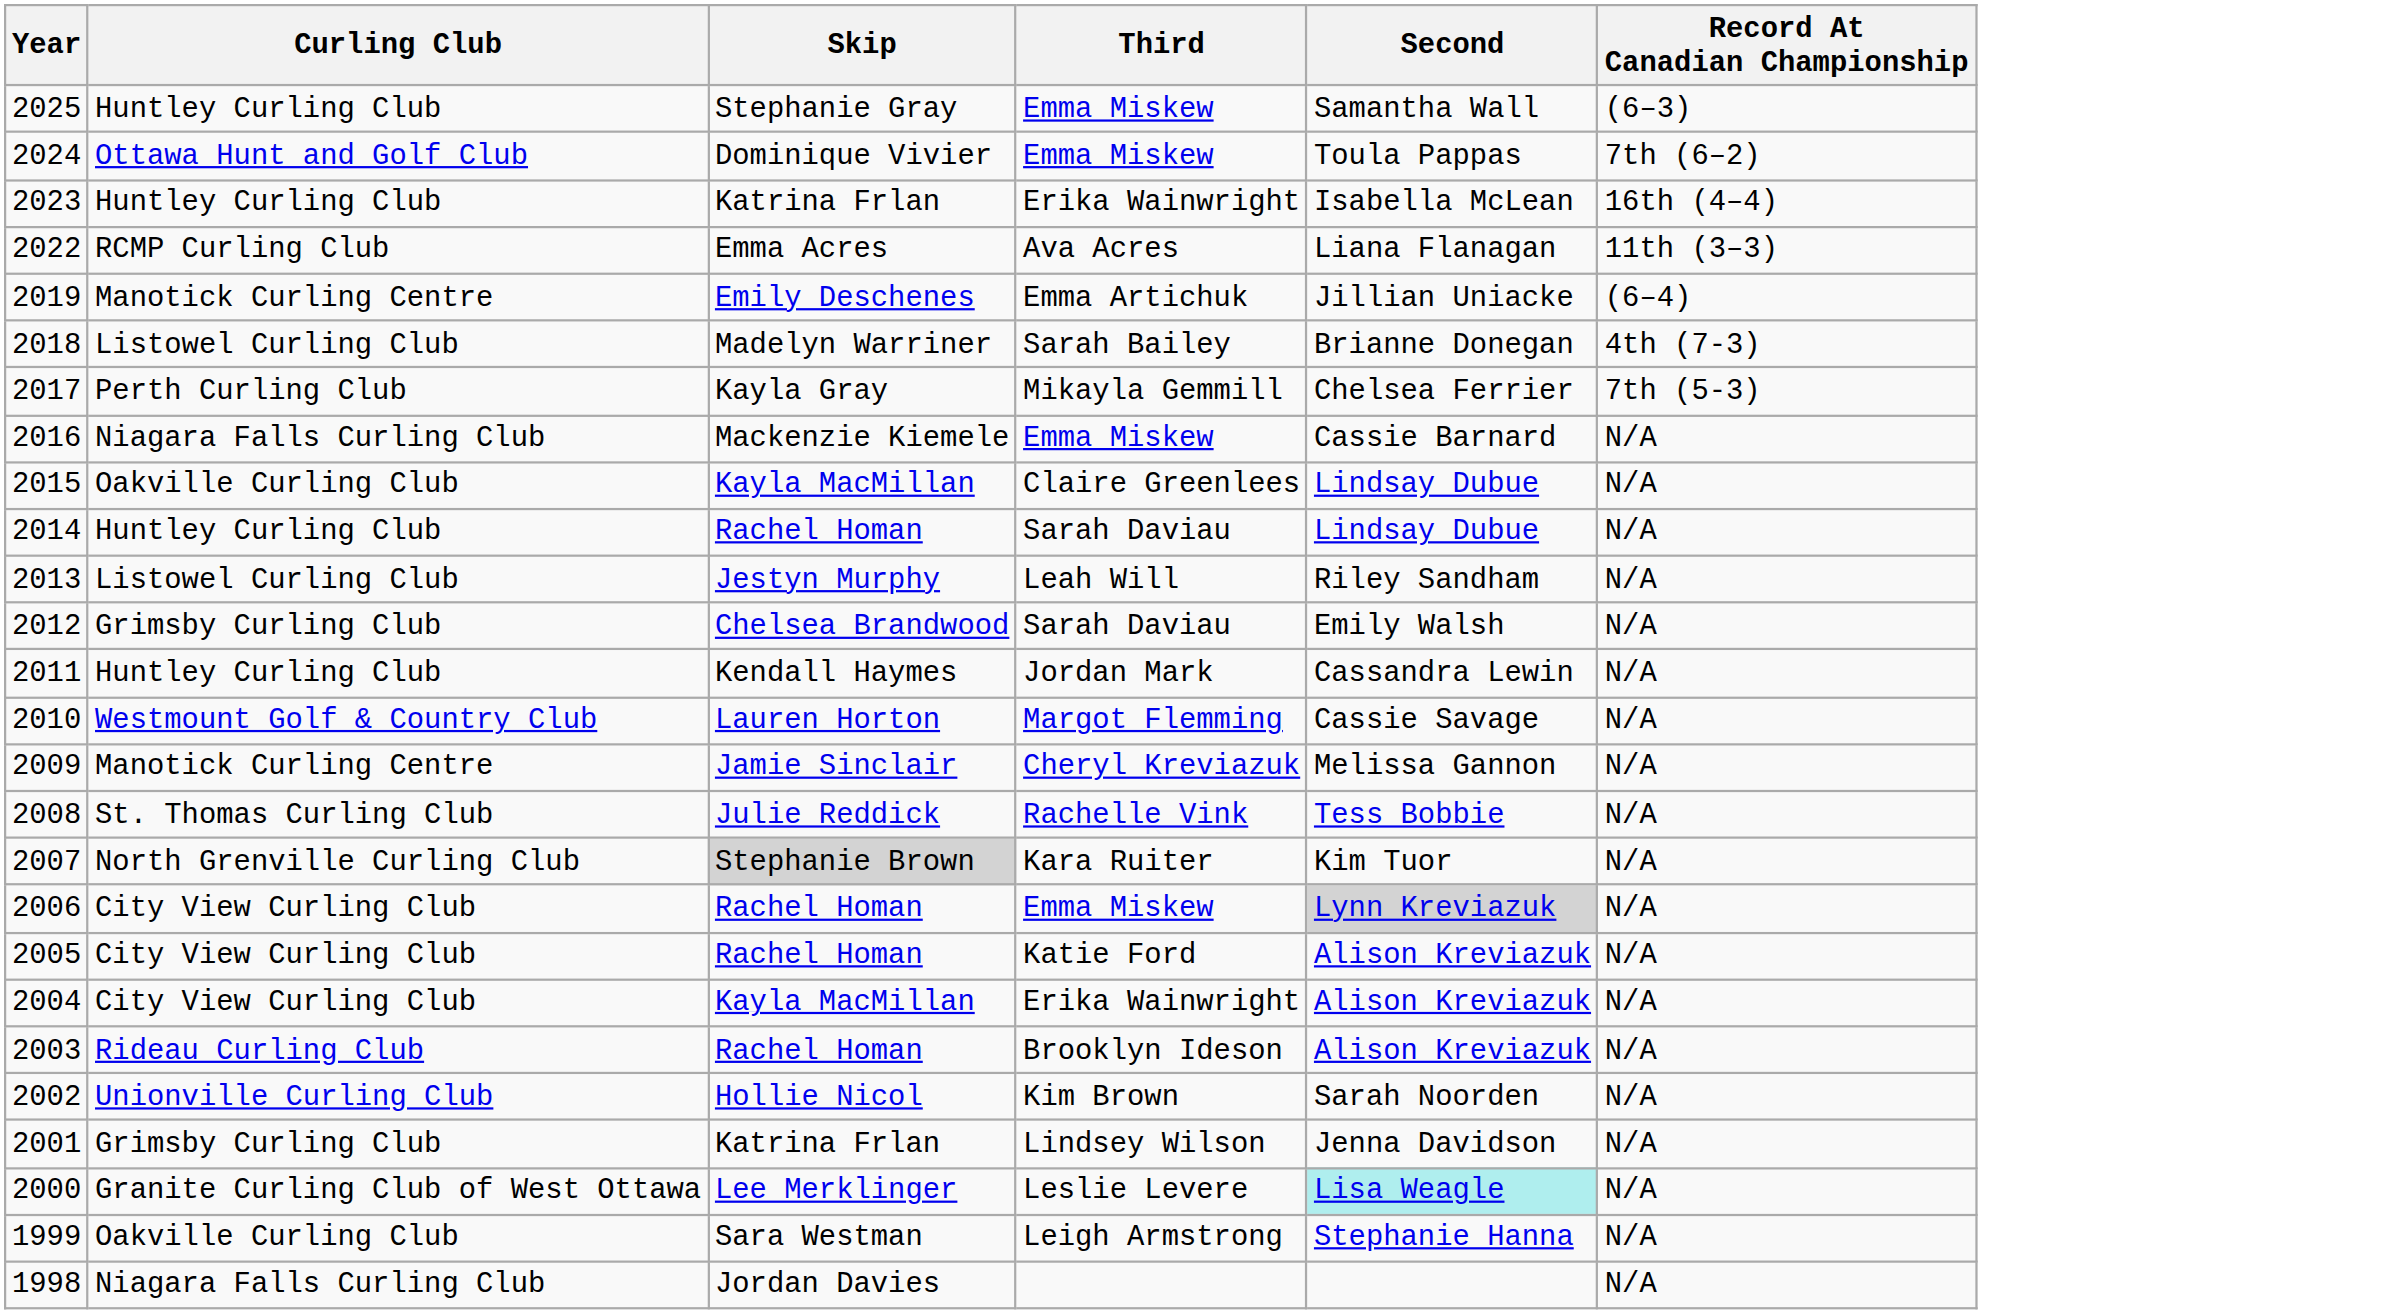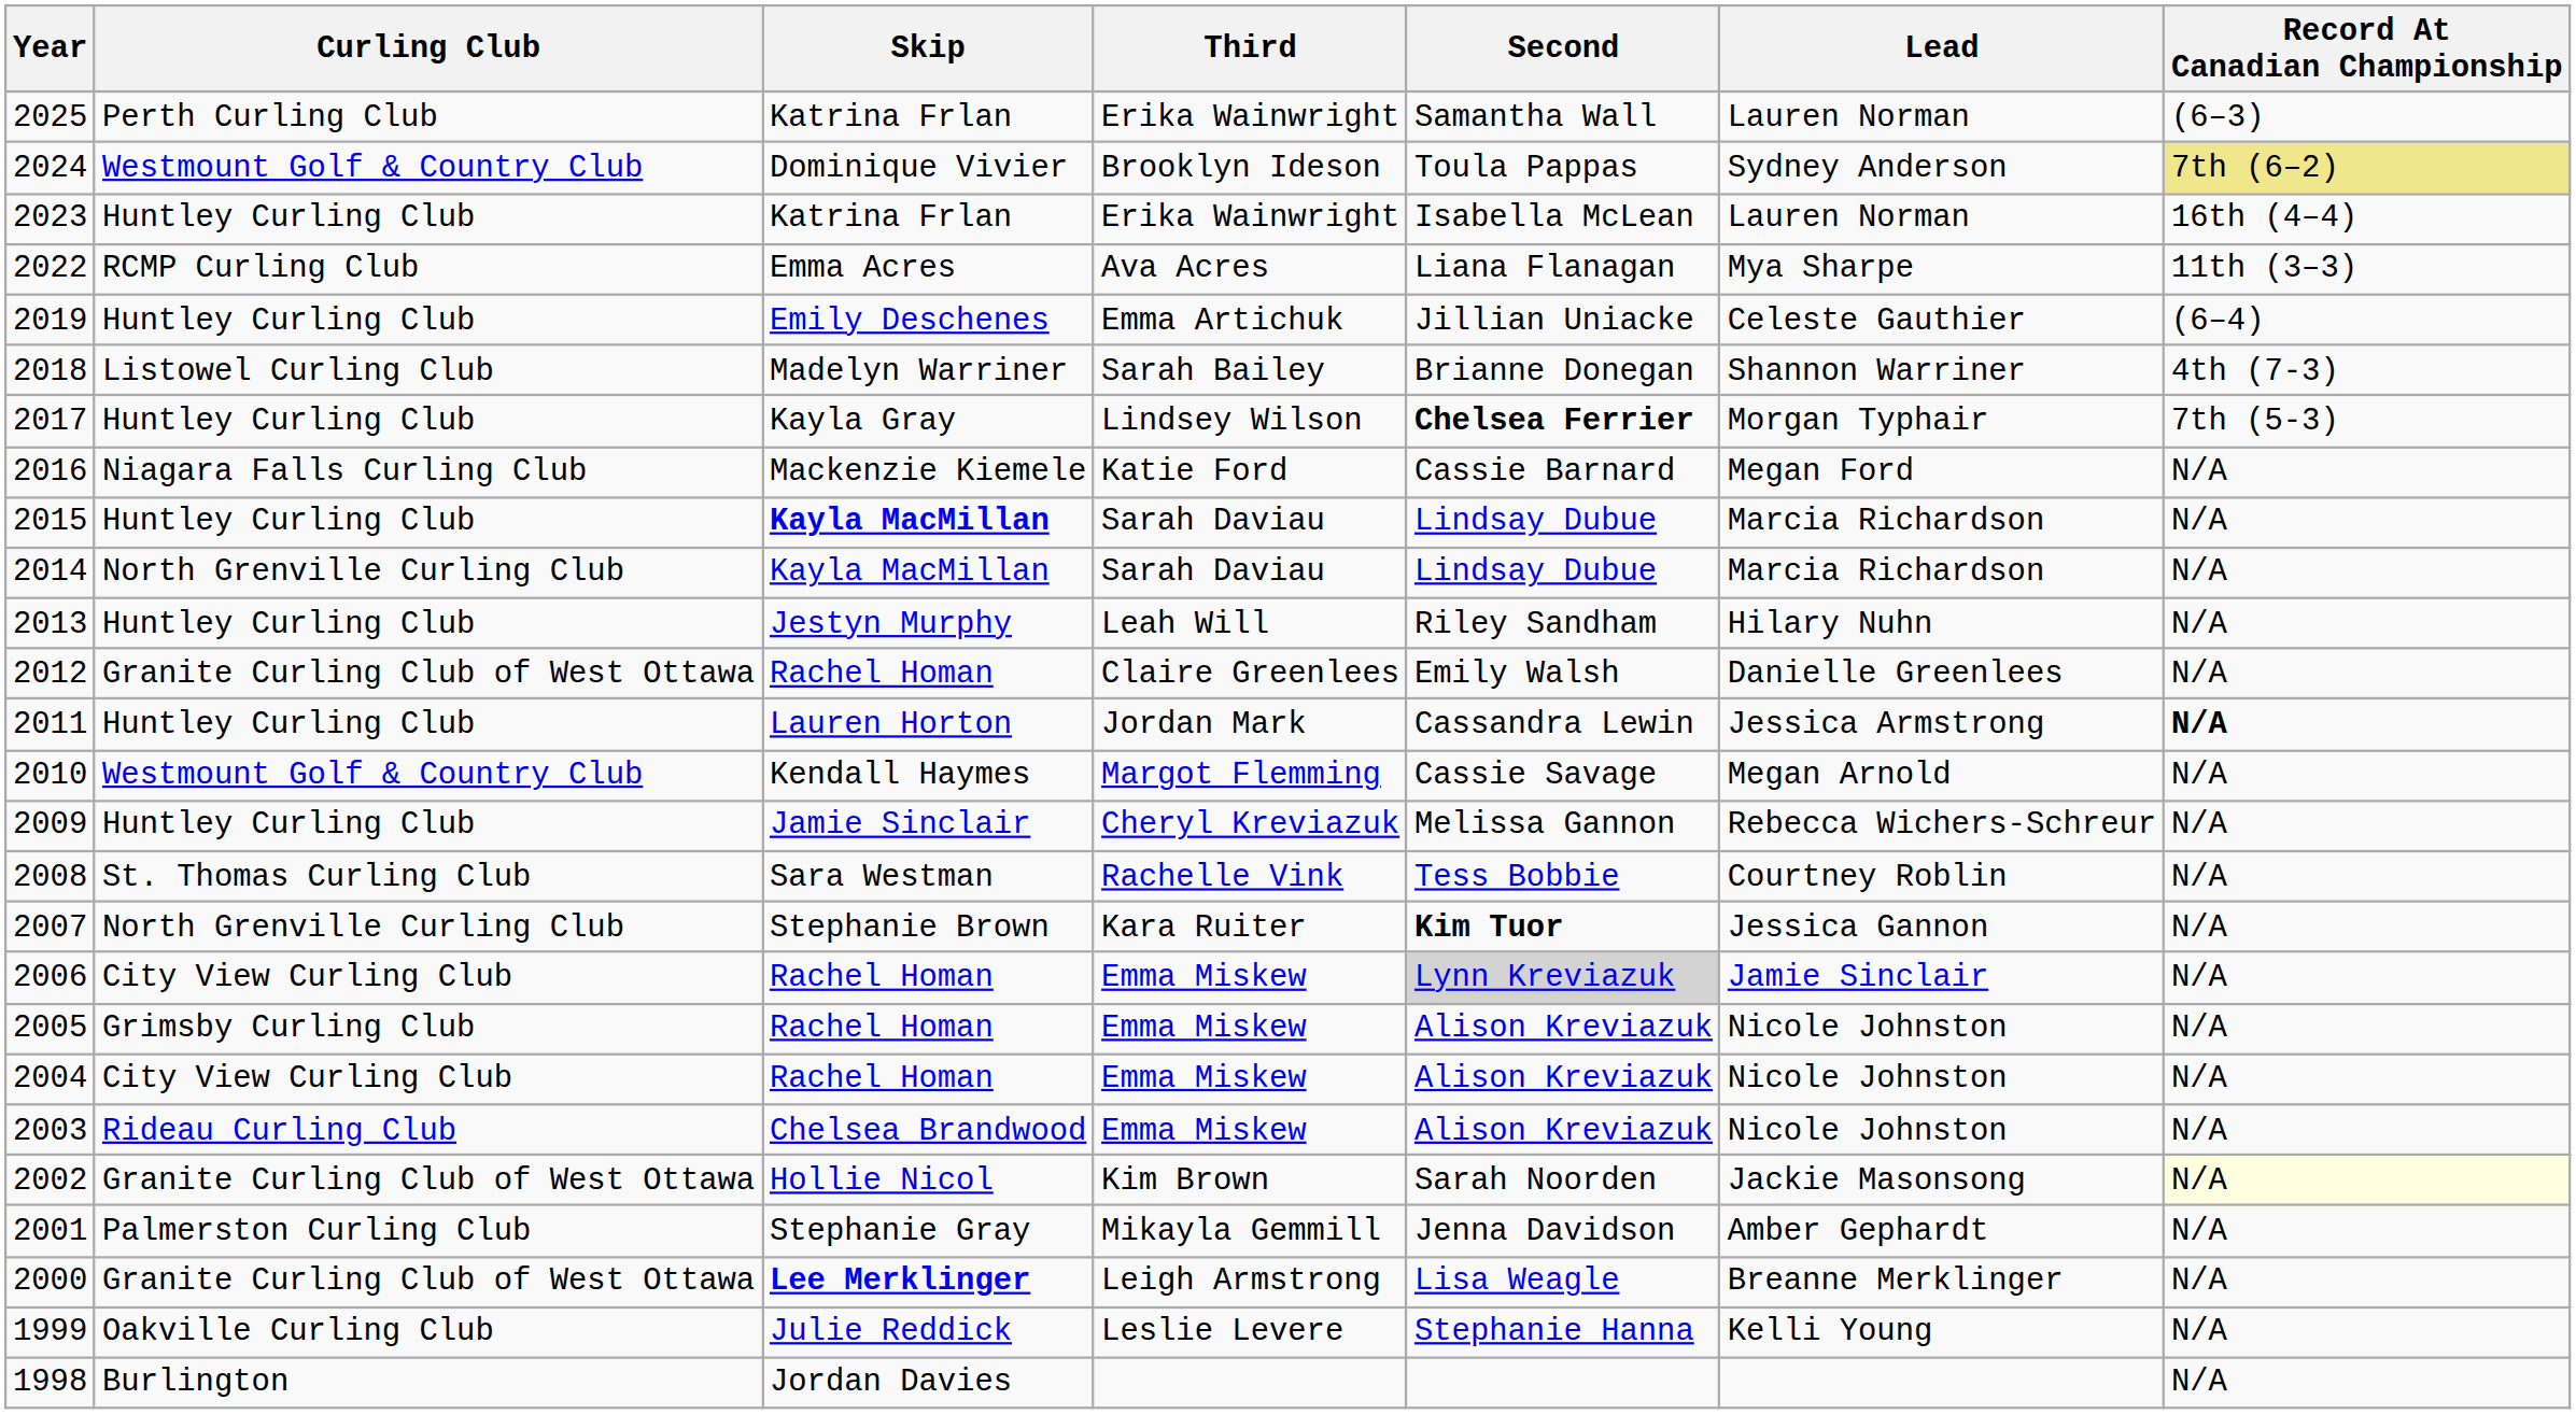 <table class="wikitable">
 <tr>
 <th>Year</th>
 <th>Curling Club</th>
 <th>Skip</th>
 <th>Third</th>
 <th>Second</th>
+<th>Lead</th>
 <th>Record At<br>Canadian Championship</th>
 </tr>
 <tr>
 <td>2025</td>
-<td>Huntley Curling Club</td>
-<td>Stephanie Gray</td>
-<td><a href='#'>Emma Miskew</a></td>
+<td>Perth Curling Club</td>
+<td>Katrina Frlan</td>
+<td>Erika Wainwright</td>
 <td>Samantha Wall</td>
+<td>Lauren Norman</td>
 <td> (6–3)</td>
 </tr>
 <tr>
 <td>2024</td>
-<td><a href='#'>Ottawa Hunt and Golf Club</a></td>
+<td><a href='#'>Westmount Golf & Country Club</a></td>
 <td>Dominique Vivier</td>
-<td><a href='#'>Emma Miskew</a></td>
+<td>Brooklyn Ideson</td>
 <td>Toula Pappas</td>
-<td>7th (6–2)</td>
+<td>Sydney Anderson</td>
+<td style="background: khaki;">7th (6–2)</td>
 </tr>
 <tr>
 <td>2023</td>
 <td>Huntley Curling Club</td>
 <td>Katrina Frlan</td>
 <td>Erika Wainwright</td>
 <td>Isabella McLean</td>
+<td>Lauren Norman</td>
 <td>16th (4–4)</td>
 </tr>
 <tr>
 <td>2022</td>
 <td>RCMP Curling Club</td>
 <td>Emma Acres</td>
 <td>Ava Acres</td>
 <td>Liana Flanagan</td>
+<td>Mya Sharpe</td>
 <td>11th (3–3)</td>
 </tr>
 <tr>
 <td>2019</td>
-<td>Manotick Curling Centre</td>
+<td>Huntley Curling Club</td>
 <td><a href='#'>Emily Deschenes</a></td>
 <td>Emma Artichuk</td>
 <td>Jillian Uniacke</td>
+<td>Celeste Gauthier</td>
 <td> (6–4)</td>
 </tr>
 <tr>
 <td>2018</td>
 <td>Listowel Curling Club</td>
 <td>Madelyn Warriner</td>
 <td>Sarah Bailey</td>
 <td>Brianne Donegan</td>
+<td>Shannon Warriner</td>
 <td>4th (7-3)</td>
 </tr>
 <tr>
 <td>2017</td>
-<td>Perth Curling Club</td>
+<td>Huntley Curling Club</td>
 <td>Kayla Gray</td>
-<td>Mikayla Gemmill</td>
-<td>Chelsea Ferrier</td>
+<td>Lindsey Wilson</td>
+<td><strong>Chelsea Ferrier</strong></td>
+<td>Morgan Typhair</td>
 <td>7th (5-3)</td>
 </tr>
 <tr>
 <td>2016</td>
 <td>Niagara Falls Curling Club</td>
 <td>Mackenzie Kiemele</td>
-<td><a href='#'>Emma Miskew</a></td>
+<td>Katie Ford</td>
 <td>Cassie Barnard</td>
+<td>Megan Ford</td>
 <td>N/A</td>
 </tr>
 <tr>
 <td>2015</td>
-<td>Oakville Curling Club</td>
-<td><a href='#'>Kayla MacMillan</a></td>
-<td>Claire Greenlees</td>
+<td>Huntley Curling Club</td>
+<td><strong><a href='#'>Kayla MacMillan</a></strong></td>
+<td>Sarah Daviau</td>
 <td><a href='#'>Lindsay Dubue</a></td>
+<td>Marcia Richardson</td>
 <td>N/A</td>
 </tr>
 <tr>
 <td>2014</td>
-<td>Huntley Curling Club</td>
-<td><a href='#'>Rachel Homan</a></td>
+<td>North Grenville Curling Club</td>
+<td><a href='#'>Kayla MacMillan</a></td>
 <td>Sarah Daviau</td>
 <td><a href='#'>Lindsay Dubue</a></td>
+<td>Marcia Richardson</td>
 <td>N/A</td>
 </tr>
 <tr>
 <td>2013</td>
-<td>Listowel Curling Club</td>
+<td>Huntley Curling Club</td>
 <td><a href='#'>Jestyn Murphy</a></td>
 <td>Leah Will</td>
 <td>Riley Sandham</td>
+<td>Hilary Nuhn</td>
 <td>N/A</td>
 </tr>
 <tr>
 <td>2012</td>
-<td>Grimsby Curling Club</td>
-<td><a href='#'>Chelsea Brandwood</a></td>
-<td>Sarah Daviau</td>
+<td>Granite Curling Club of West Ottawa</td>
+<td><a href='#'>Rachel Homan</a></td>
+<td>Claire Greenlees</td>
 <td>Emily Walsh</td>
+<td>Danielle Greenlees</td>
 <td>N/A</td>
 </tr>
 <tr>
 <td>2011</td>
 <td>Huntley Curling Club</td>
-<td>Kendall Haymes</td>
+<td><a href='#'>Lauren Horton</a></td>
 <td>Jordan Mark</td>
 <td>Cassandra Lewin</td>
-<td>N/A</td>
+<td>Jessica Armstrong</td>
+<td><strong>N/A</strong></td>
 </tr>
 <tr>
 <td>2010</td>
 <td><a href='#'>Westmount Golf & Country Club</a></td>
-<td><a href='#'>Lauren Horton</a></td>
+<td>Kendall Haymes</td>
 <td><a href='#'>Margot Flemming</a></td>
 <td>Cassie Savage</td>
+<td>Megan Arnold</td>
 <td>N/A</td>
 </tr>
 <tr>
 <td>2009</td>
-<td>Manotick Curling Centre</td>
+<td>Huntley Curling Club</td>
 <td><a href='#'>Jamie Sinclair</a></td>
 <td><a href='#'>Cheryl Kreviazuk</a></td>
 <td>Melissa Gannon</td>
+<td>Rebecca Wichers-Schreur</td>
 <td>N/A</td>
 </tr>
 <tr>
 <td>2008</td>
 <td>St. Thomas Curling Club</td>
-<td><a href='#'>Julie Reddick</a></td>
+<td>Sara Westman</td>
 <td><a href='#'>Rachelle Vink</a></td>
 <td><a href='#'>Tess Bobbie</a></td>
+<td>Courtney Roblin</td>
 <td>N/A</td>
 </tr>
 <tr>
 <td>2007</td>
 <td>North Grenville Curling Club</td>
-<td style="background: lightgrey;">Stephanie Brown</td>
+<td>Stephanie Brown</td>
 <td>Kara Ruiter</td>
-<td>Kim Tuor</td>
+<td><strong>Kim Tuor</strong></td>
+<td>Jessica Gannon</td>
 <td>N/A</td>
 </tr>
 <tr>
 <td>2006</td>
 <td>City View Curling Club</td>
 <td><a href='#'>Rachel Homan</a></td>
 <td><a href='#'>Emma Miskew</a></td>
 <td style="background: lightgrey;"><a href='#'>Lynn Kreviazuk</a></td>
+<td><a href='#'>Jamie Sinclair</a></td>
 <td>N/A</td>
 </tr>
 <tr>
 <td>2005</td>
-<td>City View Curling Club</td>
+<td>Grimsby Curling Club</td>
 <td><a href='#'>Rachel Homan</a></td>
-<td>Katie Ford</td>
+<td><a href='#'>Emma Miskew</a></td>
 <td><a href='#'>Alison Kreviazuk</a></td>
+<td>Nicole Johnston</td>
 <td>N/A</td>
 </tr>
 <tr>
 <td>2004</td>
 <td>City View Curling Club</td>
-<td><a href='#'>Kayla MacMillan</a></td>
-<td>Erika Wainwright</td>
+<td><a href='#'>Rachel Homan</a></td>
+<td><a href='#'>Emma Miskew</a></td>
 <td><a href='#'>Alison Kreviazuk</a></td>
+<td>Nicole Johnston</td>
 <td>N/A</td>
 </tr>
 <tr>
 <td>2003</td>
 <td><a href='#'>Rideau Curling Club</a></td>
-<td><a href='#'>Rachel Homan</a></td>
-<td>Brooklyn Ideson</td>
+<td><a href='#'>Chelsea Brandwood</a></td>
+<td><a href='#'>Emma Miskew</a></td>
 <td><a href='#'>Alison Kreviazuk</a></td>
+<td>Nicole Johnston</td>
 <td>N/A</td>
 </tr>
 <tr>
 <td>2002</td>
-<td><a href='#'>Unionville Curling Club</a></td>
+<td>Granite Curling Club of West Ottawa</td>
 <td><a href='#'>Hollie Nicol</a></td>
 <td>Kim Brown</td>
 <td>Sarah Noorden</td>
-<td>N/A</td>
+<td>Jackie Masonsong</td>
+<td style="background: lightyellow;">N/A</td>
 </tr>
 <tr>
 <td>2001</td>
-<td>Grimsby Curling Club</td>
-<td>Katrina Frlan</td>
-<td>Lindsey Wilson</td>
+<td>Palmerston Curling Club</td>
+<td>Stephanie Gray</td>
+<td>Mikayla Gemmill</td>
 <td>Jenna Davidson</td>
+<td>Amber Gephardt</td>
 <td>N/A</td>
 </tr>
 <tr>
 <td>2000</td>
 <td>Granite Curling Club of West Ottawa</td>
-<td><a href='#'>Lee Merklinger</a></td>
-<td>Leslie Levere</td>
-<td style="background: paleturquoise;"><a href='#'>Lisa Weagle</a></td>
+<td><strong><a href='#'>Lee Merklinger</a></strong></td>
+<td>Leigh Armstrong</td>
+<td><a href='#'>Lisa Weagle</a></td>
+<td>Breanne Merklinger</td>
 <td>N/A</td>
 </tr>
 <tr>
 <td>1999</td>
 <td>Oakville Curling Club</td>
-<td>Sara Westman</td>
-<td>Leigh Armstrong</td>
+<td><a href='#'>Julie Reddick</a></td>
+<td>Leslie Levere</td>
 <td><a href='#'>Stephanie Hanna</a></td>
+<td>Kelli Young</td>
 <td>N/A</td>
 </tr>
 <tr>
 <td>1998</td>
-<td>Niagara Falls Curling Club</td>
+<td>Burlington</td>
 <td>Jordan Davies</td>
+<td></td>
 <td></td>
 <td></td>
 <td>N/A</td>
 </tr>
 </table>
